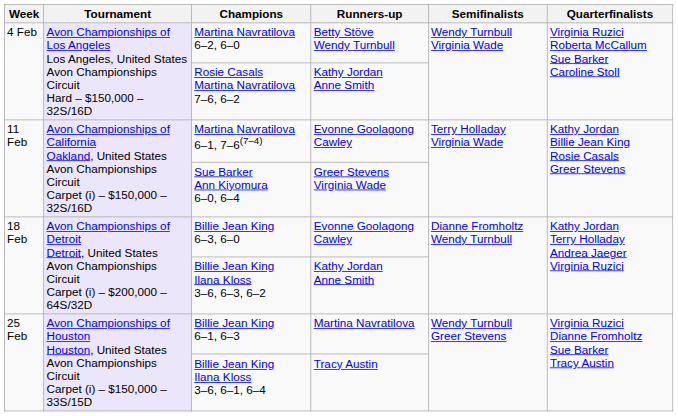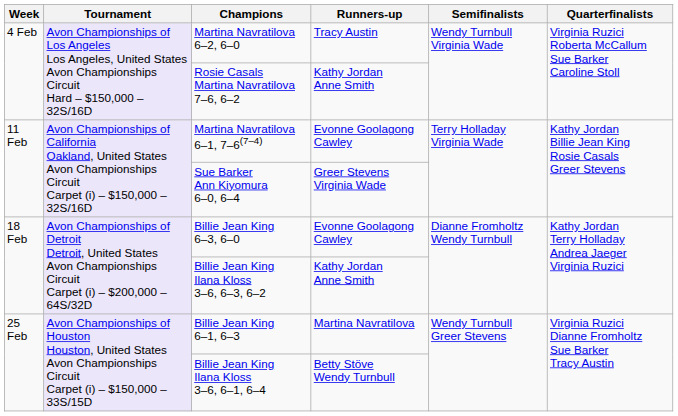 <table class=wikitable style=font-size:95%>
 <tr>
 <th style="width:48px;">Week</th>
 <th style="width:248px;">Tournament</th>
 <th style="width:200px;">Champions</th>
 <th style="width:200px;">Runners-up</th>
 <th style="width:190px;">Semifinalists</th>
 <th style="width:190px;">Quarterfinalists</th>
 </tr>
 <tr valign="top">
 <td rowspan=2>4 Feb</td>
 <td rowspan=2 style="background:#ebe6fa;"><a href='#'>Avon Championships of Los Angeles</a><br> Los Angeles, United States<br>Avon Championships Circuit<br>Hard – $150,000 – 32S/16D</td>
 <td> <a href='#'>Martina Navratilova</a><br>6–2, 6–0</td>
-<td> <a href='#'>Betty Stöve</a><br> <a href='#'>Wendy Turnbull</a></td>
+<td> <a href='#'>Tracy Austin</a></td>
 <td rowspan=2> <a href='#'>Wendy Turnbull</a><br> <a href='#'>Virginia Wade</a></td>
 <td rowspan=2> <a href='#'>Virginia Ruzici</a><br> <a href='#'>Roberta McCallum</a><br>  <a href='#'>Sue Barker</a><br> <a href='#'>Caroline Stoll</a></td>
 </tr>
 <tr valign="top">
 <td> <a href='#'>Rosie Casals</a><br> <a href='#'>Martina Navratilova</a><br> 7–6, 6–2</td>
 <td> <a href='#'>Kathy Jordan</a><br> <a href='#'>Anne Smith</a></td>
 </tr>
 <tr valign=top>
 <td rowspan=2>11 Feb</td>
 <td rowspan=2 style="background:#ebe6fa;"><a href='#'>Avon Championships of California</a><br> <a href='#'>Oakland</a>, United States<br>Avon Championships Circuit<br>Carpet (i) – $150,000 – 32S/16D</td>
 <td> <a href='#'>Martina Navratilova</a> <br>6–1, 7–6<sup>(7–4)</sup></td>
 <td> <a href='#'>Evonne Goolagong Cawley</a></td>
 <td rowspan=2> <a href='#'>Terry Holladay</a><br>  <a href='#'>Virginia Wade</a></td>
 <td rowspan=2> <a href='#'>Kathy Jordan</a><br>  <a href='#'>Billie Jean King</a><br>  <a href='#'>Rosie Casals</a>  <br>  <a href='#'>Greer Stevens</a></td>
 </tr>
 <tr valign=top>
 <td> <a href='#'>Sue Barker</a><br> <a href='#'>Ann Kiyomura</a><br>6–0, 6–4</td>
 <td> <a href='#'>Greer Stevens</a><br> <a href='#'>Virginia Wade</a></td>
 </tr>
 <tr valign=top>
 <td rowspan=2>18 Feb</td>
 <td rowspan=2 style="background:#ebe6fa;"><a href='#'>Avon Championships of Detroit</a><br> <a href='#'>Detroit</a>, United States <br>Avon Championships Circuit<br>Carpet (i) – $200,000 – 64S/32D</td>
 <td> <a href='#'>Billie Jean King</a> <br>6–3, 6–0</td>
 <td> <a href='#'>Evonne Goolagong Cawley</a></td>
 <td rowspan=2> <a href='#'>Dianne Fromholtz</a><br> <a href='#'>Wendy Turnbull</a></td>
 <td rowspan=2> <a href='#'>Kathy Jordan</a> <br> <a href='#'>Terry Holladay</a> <br>  <a href='#'>Andrea Jaeger</a><br> <a href='#'>Virginia Ruzici</a></td>
 </tr>
 <tr valign="top">
 <td> <a href='#'>Billie Jean King</a><br> <a href='#'>Ilana Kloss</a> <br>3–6, 6–3, 6–2</td>
 <td> <a href='#'>Kathy Jordan</a> <br> <a href='#'>Anne Smith</a></td>
 </tr>
 <tr valign="top">
 <td rowspan=2>25 Feb</td>
 <td rowspan=2 style="background:#ebe6fa;"><a href='#'>Avon Championships of Houston</a><br> <a href='#'>Houston</a>, United States<br>Avon Championships Circuit<br>Carpet (i) – $150,000 – 33S/15D</td>
 <td> <a href='#'>Billie Jean King</a><br>6–1, 6–3</td>
 <td> <a href='#'>Martina Navratilova</a></td>
 <td rowspan=2> <a href='#'>Wendy Turnbull</a><br> <a href='#'>Greer Stevens</a></td>
 <td rowspan=2> <a href='#'>Virginia Ruzici</a><br> <a href='#'>Dianne Fromholtz</a><br> <a href='#'>Sue Barker</a><br> <a href='#'>Tracy Austin</a></td>
 </tr>
 <tr valign="top">
 <td> <a href='#'>Billie Jean King</a><br> <a href='#'>Ilana Kloss</a><br> 3–6, 6–1, 6–4</td>
-<td> <a href='#'>Tracy Austin</a></td>
+<td> <a href='#'>Betty Stöve</a><br> <a href='#'>Wendy Turnbull</a></td>
 </tr>
 </table>
